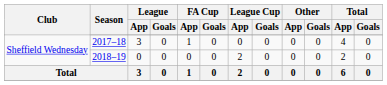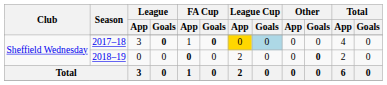 <table class="wikitable" style="text-align: center;">
 <tr>
 <th rowspan=2>Club</th>
 <th rowspan=2>Season</th>
 <th colspan=2>League</th>
 <th colspan=2>FA Cup</th>
 <th colspan=2>League Cup</th>
 <th colspan=2>Other</th>
 <th colspan=2>Total</th>
 </tr>
 <tr>
 <th>App</th>
 <th>Goals</th>
 <th>App</th>
 <th>Goals</th>
 <th>App</th>
 <th>Goals</th>
 <th>App</th>
 <th>Goals</th>
 <th>App</th>
 <th>Goals</th>
 </tr>
 <tr>
 <td rowspan="3" align="center"><a href='#'>Sheffield Wednesday</a></td>
 </tr>
 <tr>
 <td><a href='#'>2017–18</a></td>
 <td>3</td>
-<td>0</td>
+<td><strong>0</strong></td>
 <td>1</td>
-<td>0</td>
-<td>0</td>
-<td>0</td>
+<td><strong>0</strong></td>
+<td style="background: gold;">0</td>
+<td style="background: lightblue;">0</td>
 <td>0</td>
 <td>0</td>
 <td>4</td>
 <td>0</td>
 </tr>
 <tr>
 <td><a href='#'>2018–19</a></td>
 <td>0</td>
 <td>0</td>
-<td>0</td>
+<td><strong>0</strong></td>
 <td>0</td>
 <td>2</td>
 <td>0</td>
 <td>0</td>
-<td>0</td>
+<td><strong>0</strong></td>
 <td>2</td>
 <td>0</td>
 </tr>
 <tr>
 <th colspan=2>Total</th>
 <th>3</th>
 <th>0</th>
 <th>1</th>
 <th>0</th>
 <th>2</th>
 <th>0</th>
 <th>0</th>
 <th>0</th>
 <th>6</th>
 <th>0</th>
 </tr>
 <tr>
 </tr>
 </table>
